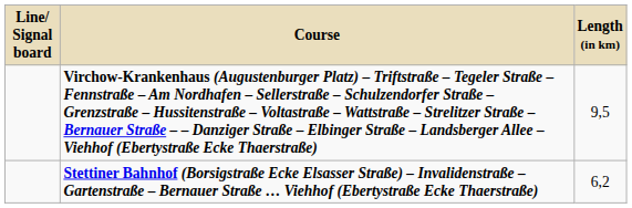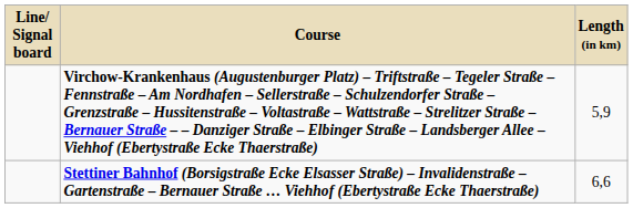 <table class="wikitable float-right" style="font-size:95%; text-align:center;" width="50%">
 <tr>
 <th style="background:#EADEBD;">Line/<br>Signal board</th>
 <th style="background:#EADEBD;">Course</th>
 <th style="background:#EADEBD;">Length<br><small>(in km)</small></th>
 </tr>
 <tr>
 <td></td>
 <td align="left"><strong>Virchow-Krankenhaus <em>(Augustenburger Platz)<strong><em> – Triftstraße – Tegeler Straße – Fennstraße – Am Nordhafen – Sellerstraße – Schulzendorfer Straße – Grenzstraße – Hussitenstraße – Voltastraße – Wattstraße – Strelitzer Straße – <a href='#'>Bernauer Straße</a> –  – Danziger Straße – Elbinger Straße – Landsberger Allee – </strong>Viehhof </em>(Ebertystraße Ecke Thaerstraße)</em></strong></td>
-<td>9,5</td>
+<td>5,9</td>
 </tr>
 <tr>
 <td></td>
 <td align="left"><strong><a href='#'>Stettiner Bahnhof</a> <em>(Borsigstraße Ecke Elsasser Straße)<strong><em> – Invalidenstraße – Gartenstraße – Bernauer Straße … </strong>Viehhof </em>(Ebertystraße Ecke Thaerstraße)</em></strong></td>
-<td>6,2</td>
+<td>6,6</td>
 </tr>
 </table>
